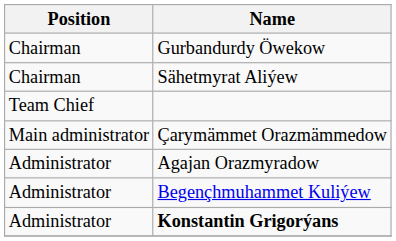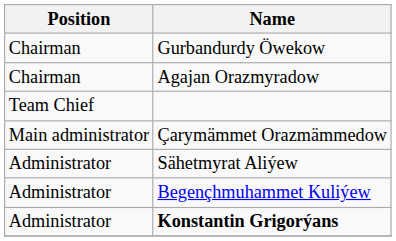 <table class="wikitable">
 <tr>
 <th>Position</th>
 <th>Name</th>
 </tr>
 <tr>
 <td>Chairman</td>
 <td> Gurbandurdy Öwekow</td>
 </tr>
 <tr>
 <td>Chairman</td>
-<td> Sähetmyrat Aliýew</td>
+<td> Agajan Orazmyradow</td>
 </tr>
 <tr>
 <td>Team Chief</td>
 <td></td>
 </tr>
 <tr>
 <td>Main administrator</td>
 <td> Çarymämmet Orazmämmedow</td>
 </tr>
 <tr>
 <td>Administrator</td>
-<td> Agajan Orazmyradow</td>
+<td> Sähetmyrat Aliýew</td>
 </tr>
 <tr>
 <td>Administrator</td>
 <td> <a href='#'>Begençhmuhammet Kuliýew</a></td>
 </tr>
 <tr>
 <td>Administrator</td>
 <td><strong> Konstantin Grigorýans</strong></td>
 </tr>
 <tr>
 </tr>
 </table>
